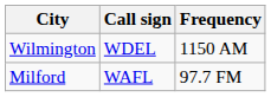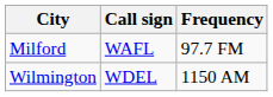 <table class="wikitable">
 <tr>
 <th scope="col">City</th>
 <th scope="col">Call sign</th>
 <th scope="col">Frequency</th>
 </tr>
 <tr>
+<td><a href='#'>Milford</a></td>
+<td><a href='#'>WAFL</a></td>
+<td>97.7 FM</td>
+</tr>
+<tr>
 <td><a href='#'>Wilmington</a></td>
 <td><a href='#'>WDEL</a></td>
 <td>1150 AM</td>
 </tr>
-<tr>
-<td><a href='#'>Milford</a></td>
-<td><a href='#'>WAFL</a></td>
-<td>97.7 FM</td>
-</tr>
 </table>
